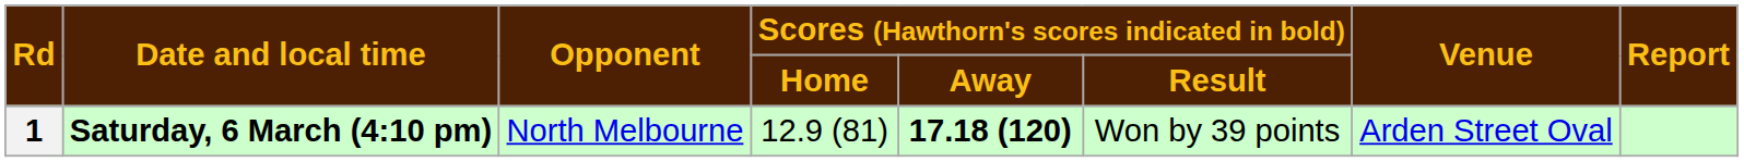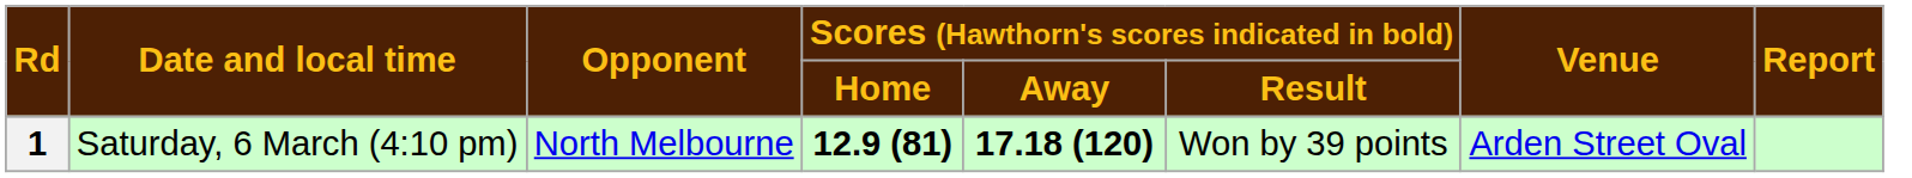 <table class="wikitable" style="text-align:center">
 <tr>
 <th rowspan="2" style="background: #4D2004; color: #FBBF15">Rd</th>
 <th rowspan="2" style="background: #4D2004; color: #FBBF15">Date and local time</th>
 <th rowspan="2" style="background: #4D2004; color: #FBBF15">Opponent</th>
 <th colspan="3" style="background: #4D2004; color: #FBBF15">Scores <small>(Hawthorn's scores indicated in <strong>bold</strong>)</small></th>
 <th rowspan="2" style="background: #4D2004; color: #FBBF15">Venue</th>
 <th rowspan="2" style="background: #4D2004; color: #FBBF15">Report</th>
 </tr>
 <tr>
 <th style="background: #4D2004; color: #FBBF15">Home</th>
 <th style="background: #4D2004; color: #FBBF15">Away</th>
 <th style="background: #4D2004; color: #FBBF15">Result</th>
 </tr>
 <tr style="background:#cfc">
 <th>1</th>
-<td align="left"><strong>Saturday, 6 March (4:10 pm)</strong></td>
+<td align="left">Saturday, 6 March (4:10 pm)</td>
 <td align="left"><a href='#'>North Melbourne</a></td>
-<td>12.9 (81)</td>
+<td><strong>12.9 (81)</strong></td>
 <td><strong>17.18 (120)</strong></td>
 <td>Won by 39 points</td>
 <td><a href='#'>Arden Street Oval</a></td>
 <td></td>
 </tr>
 </table>
